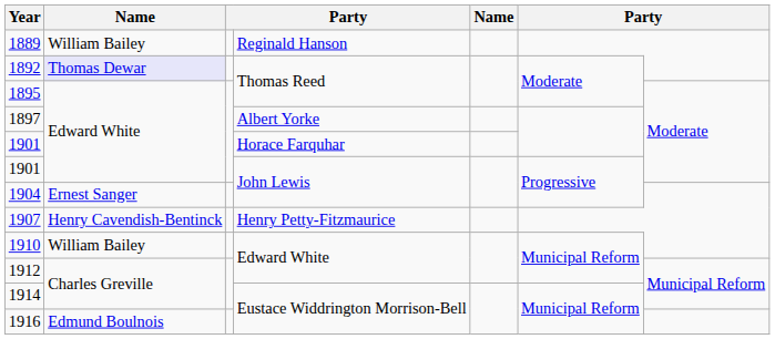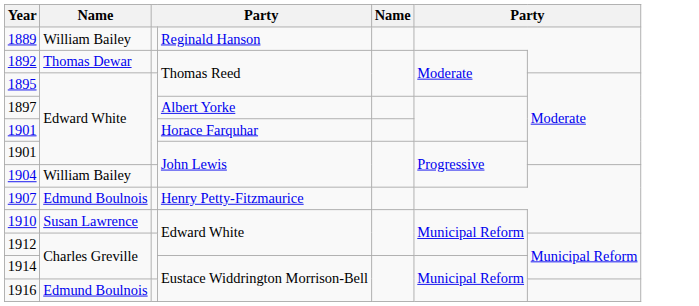 <table class="wikitable">
 <tr>
 <th>Year</th>
 <th>Name</th>
 <th colspan=2>Party</th>
 <th>Name</th>
 <th colspan=2>Party</th>
 </tr>
 <tr>
 <td><a href='#'>1889</a></td>
 <td>William Bailey</td>
 <td></td>
 <td><a href='#'>Reginald Hanson</a></td>
 <td></td>
 </tr>
 <tr>
 <td><a href='#'>1892</a></td>
-<td style="background: lavender;"><a href='#'>Thomas Dewar</a></td>
+<td><a href='#'>Thomas Dewar</a></td>
 <td></td>
 <td rowspan=2>Thomas Reed</td>
 <td rowspan=2 style="background-color: "></td>
 <td rowspan=2><a href='#'>Moderate</a></td>
 </tr>
 <tr>
 <td><a href='#'>1895</a></td>
 <td rowspan=4>Edward White</td>
 <td rowspan=4 style="background-color: "></td>
 <td rowspan=4><a href='#'>Moderate</a></td>
 </tr>
 <tr>
 <td>1897</td>
 <td><a href='#'>Albert Yorke</a></td>
 <td></td>
 </tr>
 <tr>
 <td><a href='#'>1901</a></td>
 <td><a href='#'>Horace Farquhar</a></td>
 <td></td>
 </tr>
 <tr>
 <td>1901</td>
 <td rowspan=2><a href='#'>John Lewis</a></td>
 <td rowspan=2 style="background-color: "></td>
 <td rowspan=2><a href='#'>Progressive</a></td>
 </tr>
 <tr>
 <td><a href='#'>1904</a></td>
-<td><a href='#'>Ernest Sanger</a></td>
+<td>William Bailey</td>
 <td></td>
 </tr>
 <tr>
 <td><a href='#'>1907</a></td>
-<td><a href='#'>Henry Cavendish-Bentinck</a></td>
+<td><a href='#'>Edmund Boulnois</a></td>
 <td></td>
 <td><a href='#'>Henry Petty-Fitzmaurice</a></td>
 <td></td>
 </tr>
 <tr>
 <td><a href='#'>1910</a></td>
-<td>William Bailey</td>
+<td><a href='#'>Susan Lawrence</a></td>
 <td></td>
 <td rowspan=2>Edward White</td>
 <td rowspan=2 style="background-color: "></td>
 <td rowspan=2><a href='#'>Municipal Reform</a></td>
 </tr>
 <tr>
 <td>1912</td>
 <td rowspan=2>Charles Greville</td>
 <td rowspan=2 style="background-color: "></td>
 <td rowspan=2><a href='#'>Municipal Reform</a></td>
 </tr>
 <tr>
 <td>1914</td>
 <td rowspan=2>Eustace Widdrington Morrison-Bell</td>
 <td rowspan=2 style="background-color: "></td>
 <td rowspan=2><a href='#'>Municipal Reform</a></td>
 </tr>
 <tr>
 <td>1916</td>
 <td><a href='#'>Edmund Boulnois</a></td>
 <td></td>
 </tr>
 </table>
